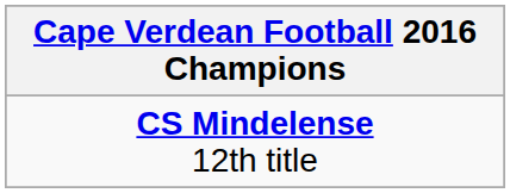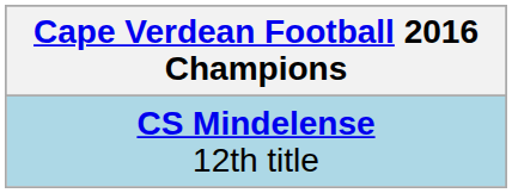 <table class="wikitable" style="margin: 0 auto; width: 240px;">
 <tr>
 <th><a href='#'>Cape Verdean Football</a> 2016<br>Champions</th>
 </tr>
 <tr>
-<td align=center><strong><a href='#'>CS Mindelense</a></strong><br>12th title</td>
+<td align=center style="background: lightblue;"><strong><a href='#'>CS Mindelense</a></strong><br>12th title</td>
 </tr>
 </table>
